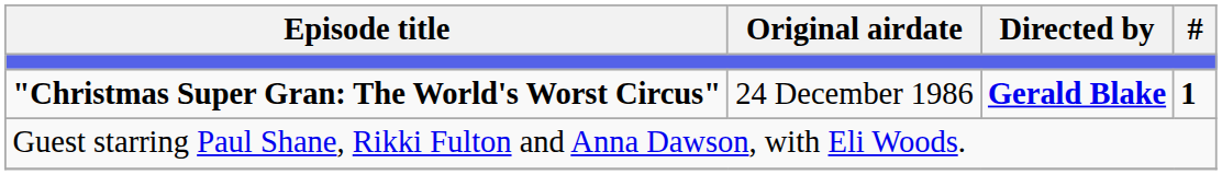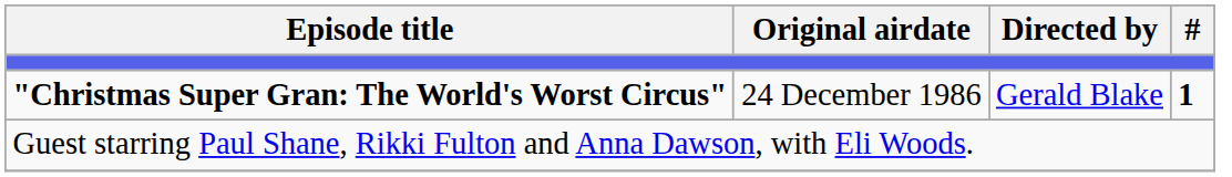 <table class="wikitable">
 <tr>
 <th>Episode title</th>
 <th>Original airdate</th>
 <th>Directed by</th>
 <th width="15">#</th>
 </tr>
 <tr>
 <td colspan="6" bgcolor="5562e8"></td>
 </tr>
 <tr>
 <td rowspan="1"><strong>"Christmas Super Gran: The World's Worst Circus"</strong></td>
 <td>24 December 1986</td>
-<td><strong><a href='#'>Gerald Blake</a></strong></td>
+<td><a href='#'>Gerald Blake</a></td>
 <td><strong>1</strong></td>
 </tr>
 <tr>
 <td colspan="6">Guest starring <a href='#'>Paul Shane</a>, <a href='#'>Rikki Fulton</a> and <a href='#'>Anna Dawson</a>, with <a href='#'>Eli Woods</a>.</td>
 </tr>
 <tr>
 </tr>
 </table>
